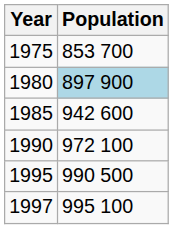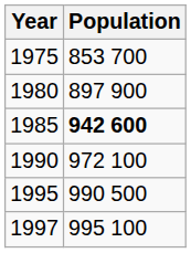 <table class="wikitable">
 <tr>
 <th>Year</th>
 <th>Population</th>
 </tr>
 <tr>
 <td>1975</td>
 <td>853 700</td>
 </tr>
 <tr>
 <td>1980</td>
-<td style="background: lightblue;">897 900</td>
+<td>897 900</td>
 </tr>
 <tr>
 <td>1985</td>
-<td>942 600</td>
+<td><strong>942 600</strong></td>
 </tr>
 <tr>
 <td>1990</td>
 <td>972 100</td>
 </tr>
 <tr>
 <td>1995</td>
 <td>990 500</td>
 </tr>
 <tr>
 <td>1997</td>
 <td>995 100</td>
 </tr>
 </table>
